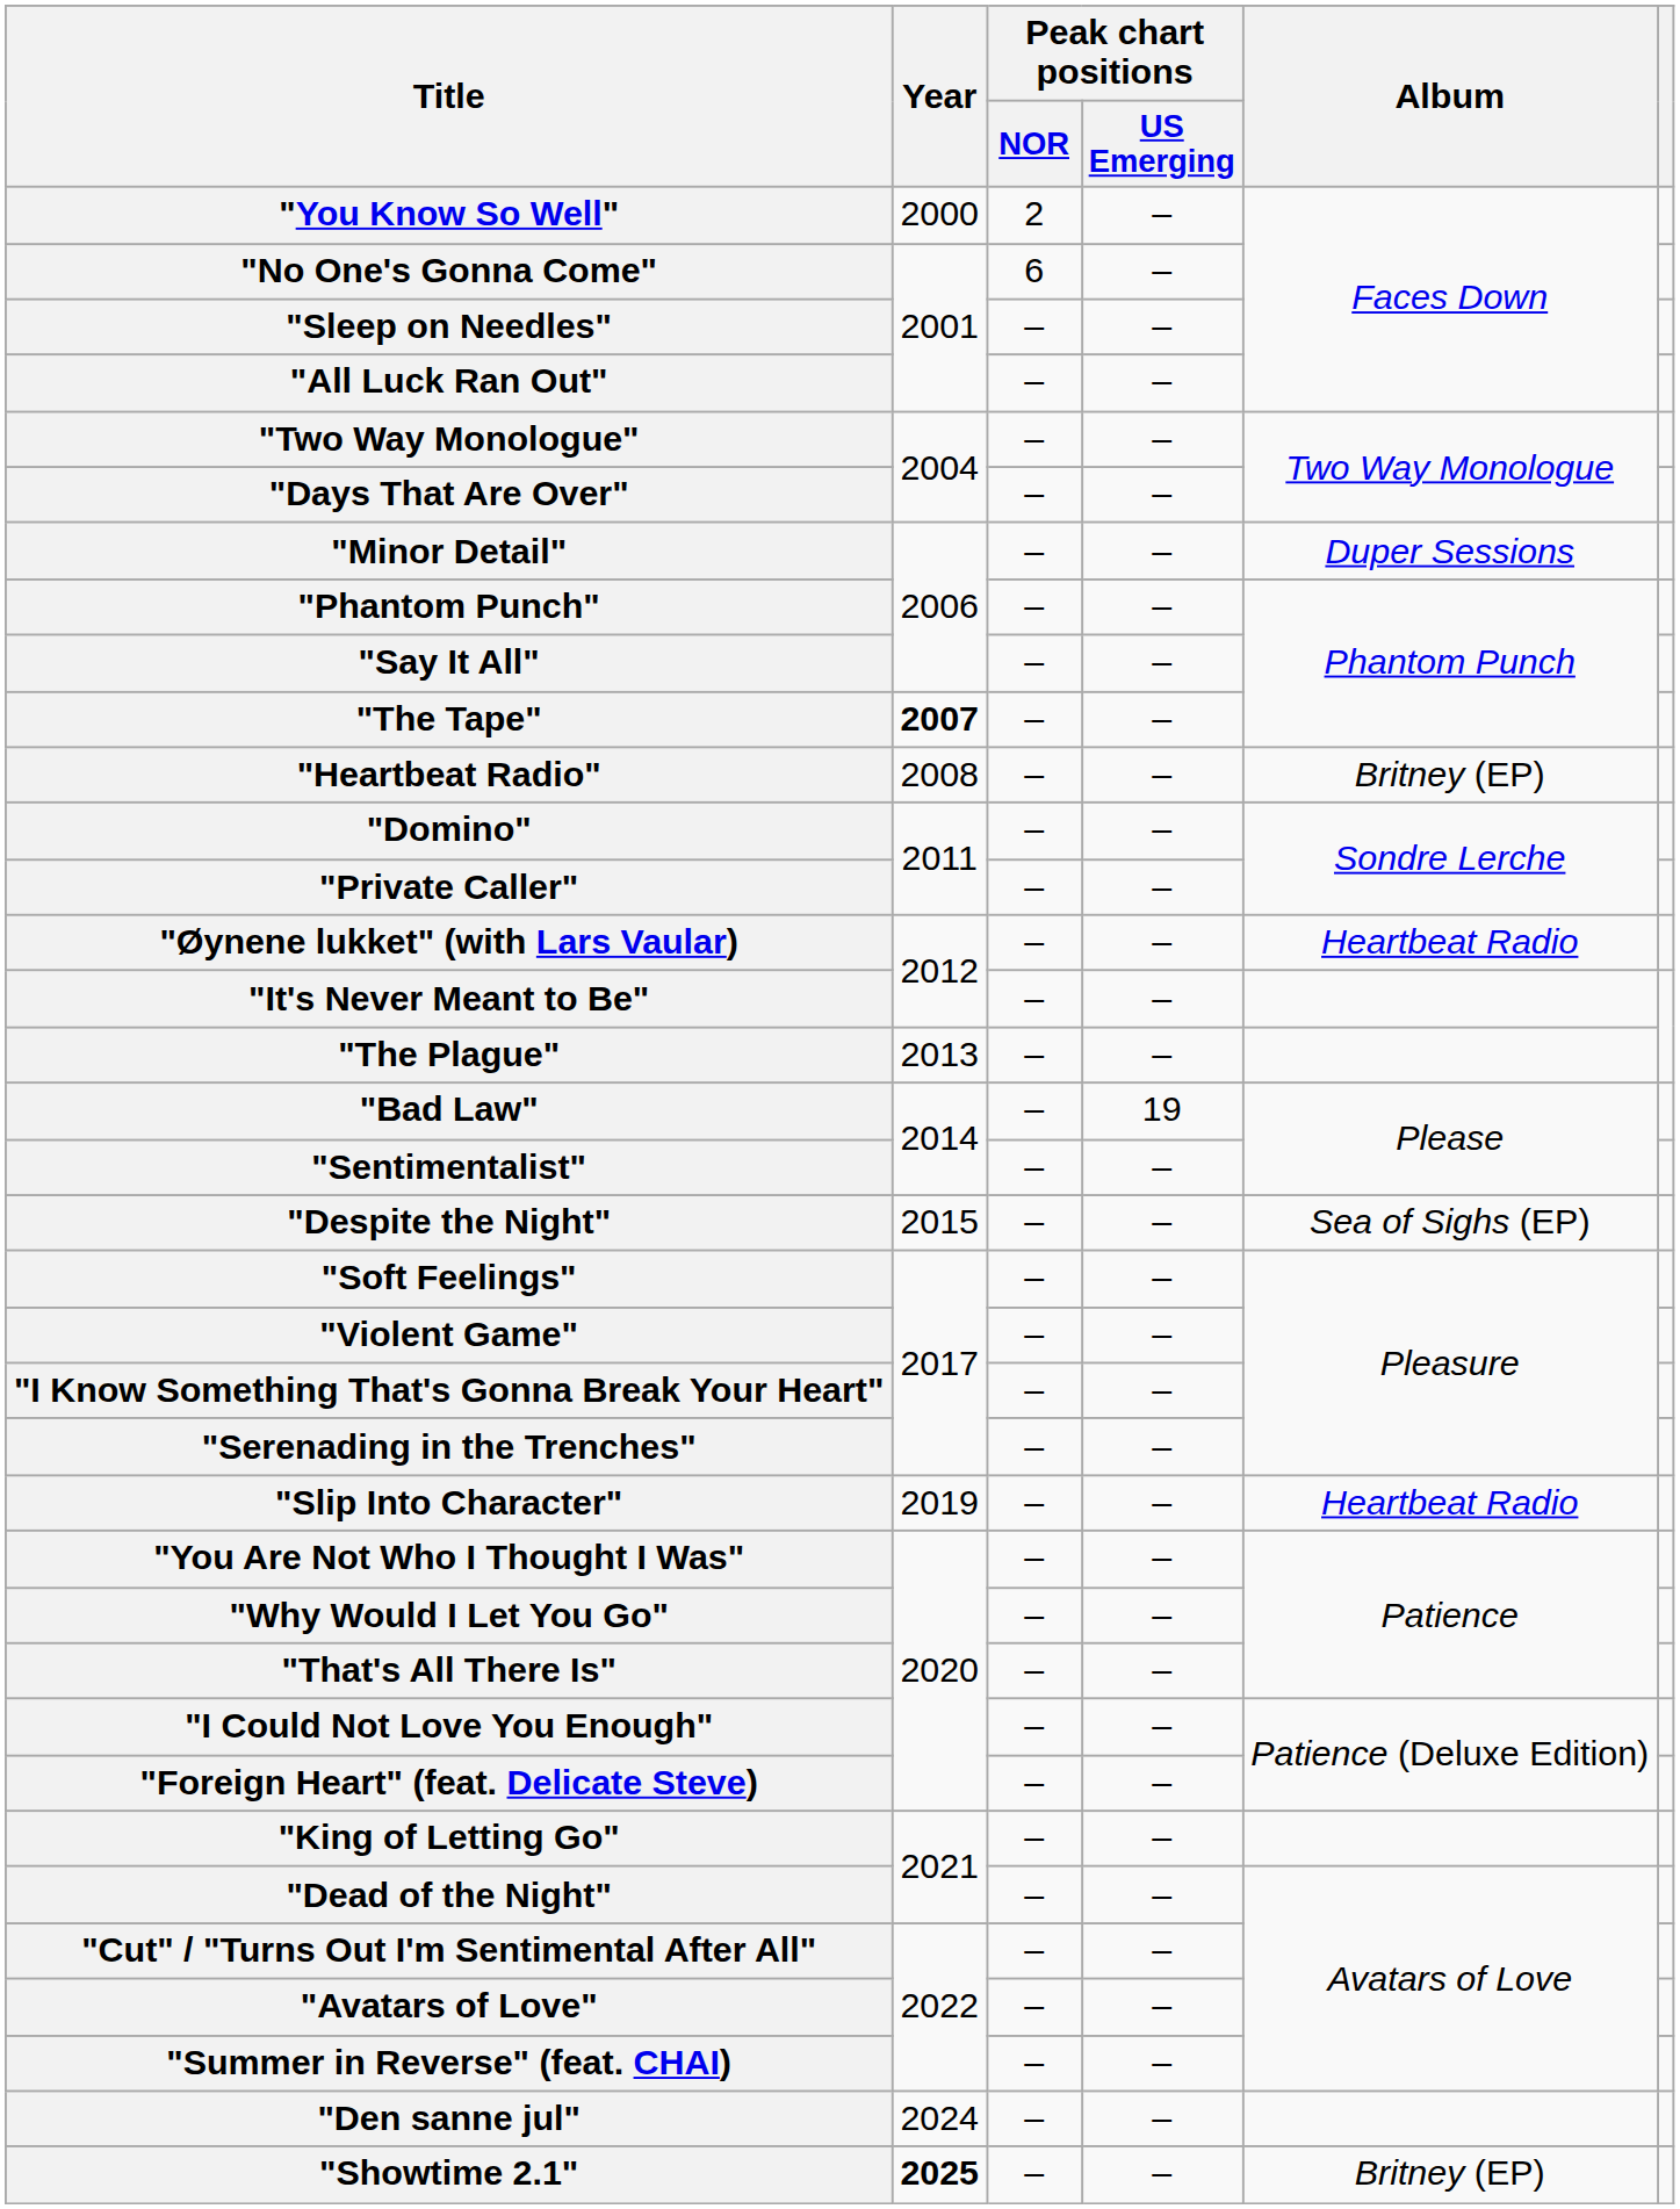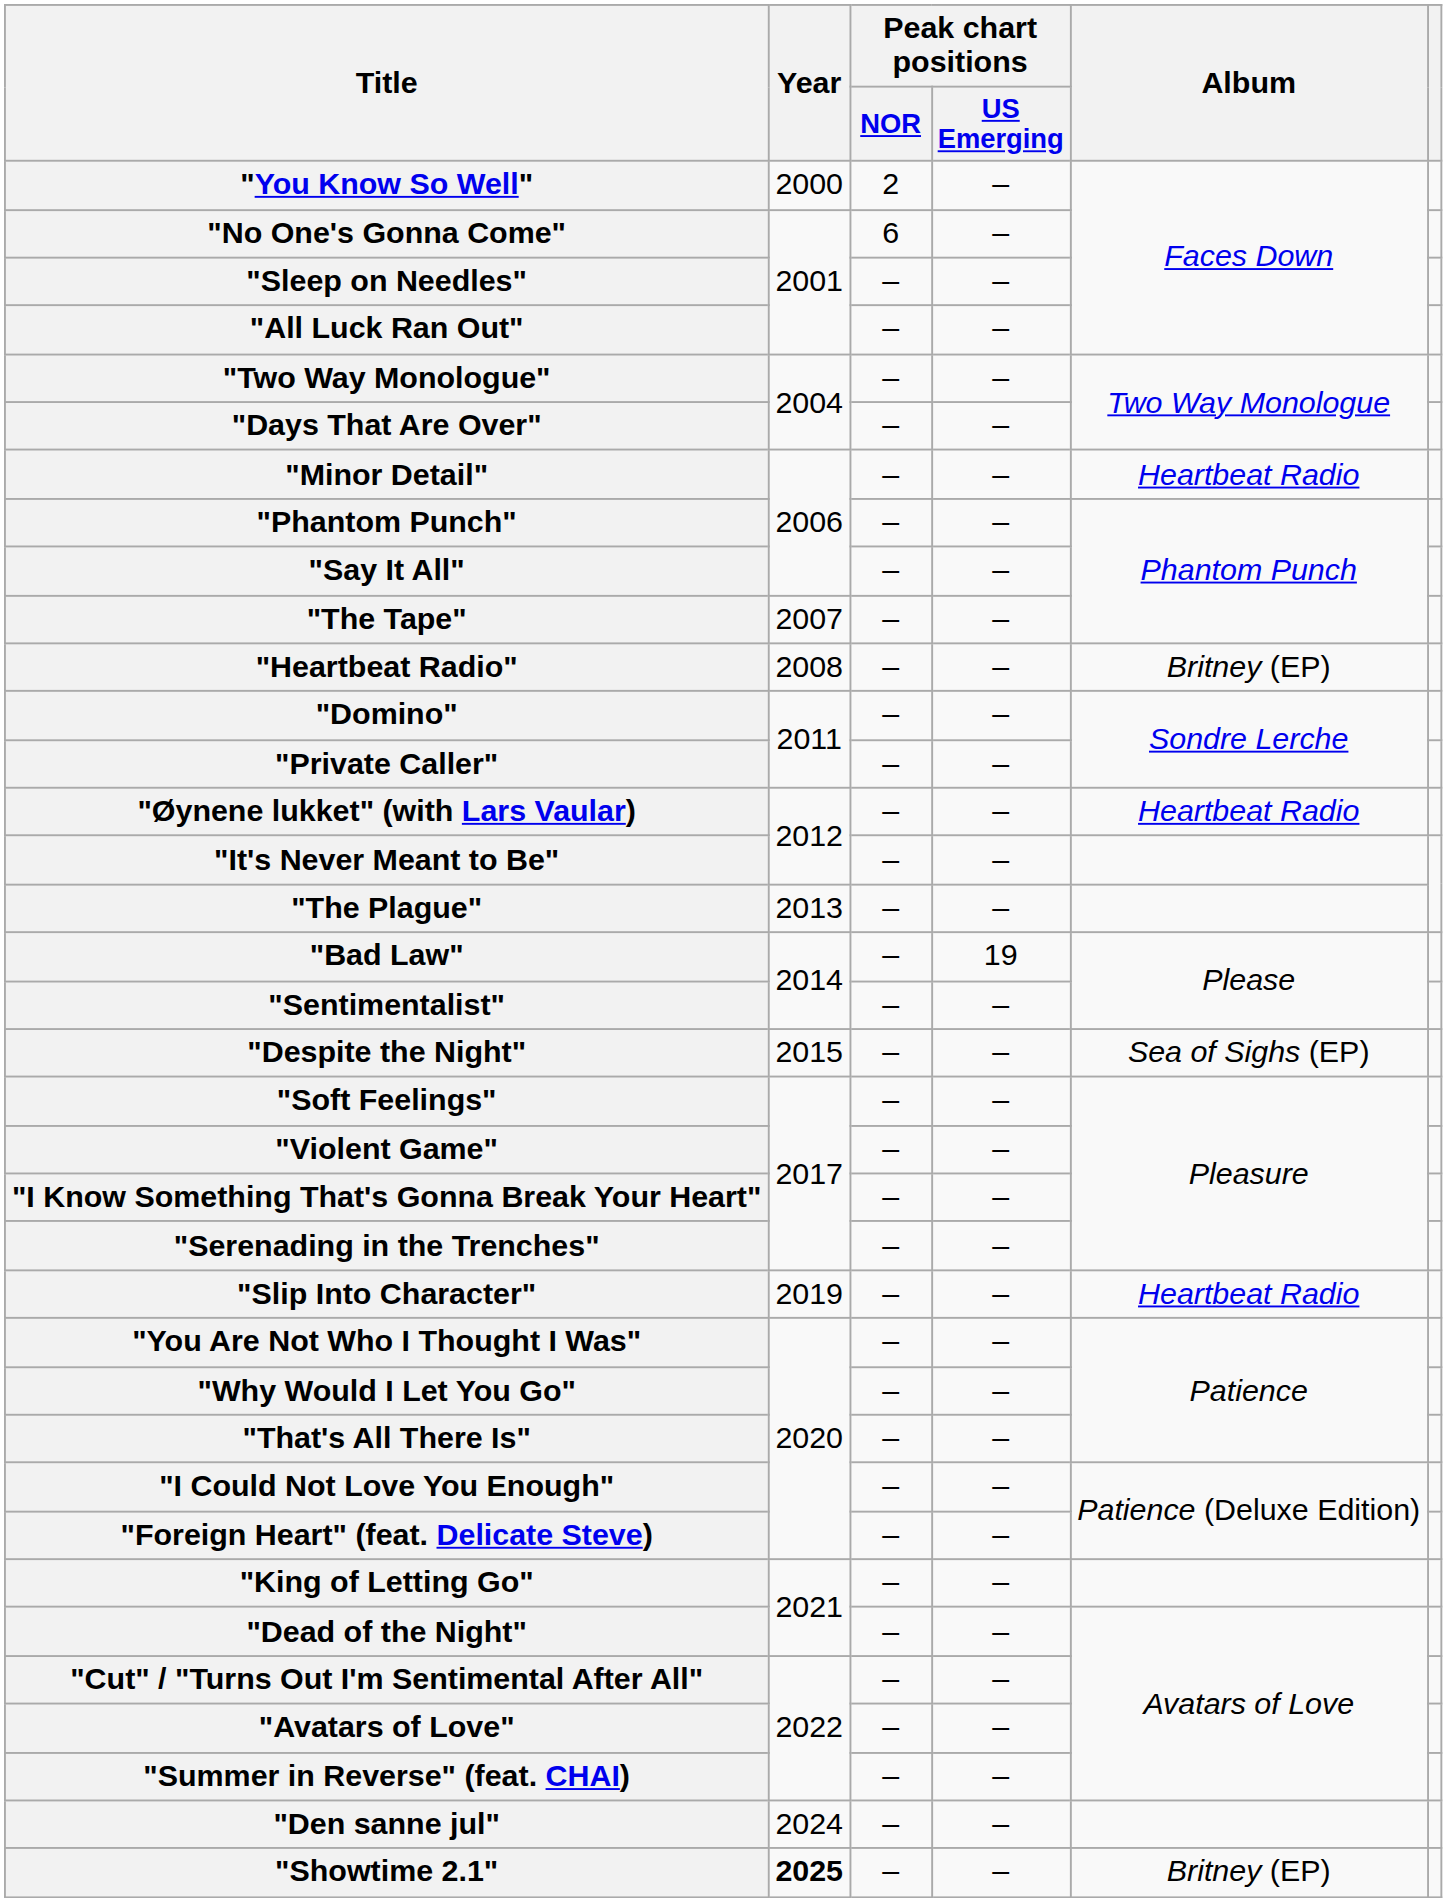 <table class="wikitable plainrowheaders" style="text-align:center;">
 <tr>
 <th scope="col" rowspan="2">Title</th>
 <th scope="col" rowspan="2">Year</th>
 <th scope="col" colspan="2">Peak chart positions</th>
 <th scope="col" rowspan="2">Album</th>
 <th scope="col" rowspan="2"></th>
 </tr>
 <tr>
 <th scope="col" style="width:2.5em; font-size:90%"><a href='#'>NOR</a><br></th>
 <th scope="col" style="width:2.5em; font-size:90%"><a href='#'>US<br>Emerging</a><br></th>
 </tr>
 <tr>
 <th scope="row">"<a href='#'>You Know So Well</a>"</th>
 <td>2000</td>
 <td>2</td>
 <td>–</td>
 <td rowspan="4"><em><a href='#'>Faces Down</a></em></td>
 <td></td>
 </tr>
 <tr>
 <th scope="row">"No One's Gonna Come"</th>
 <td rowspan="3">2001</td>
 <td>6</td>
 <td>–</td>
 <td></td>
 </tr>
 <tr>
 <th scope="row">"Sleep on Needles"</th>
 <td>–</td>
 <td>–</td>
 <td></td>
 </tr>
 <tr>
 <th scope="row">"All Luck Ran Out"</th>
 <td>–</td>
 <td>–</td>
 <td></td>
 </tr>
 <tr>
 <th scope="row">"Two Way Monologue"</th>
 <td rowspan="2">2004</td>
 <td>–</td>
 <td>–</td>
 <td rowspan="2"><em><a href='#'>Two Way Monologue</a></em></td>
 <td></td>
 </tr>
 <tr>
 <th scope="row">"Days That Are Over"</th>
 <td>–</td>
 <td>–</td>
 <td></td>
 </tr>
 <tr>
 <th scope="row">"Minor Detail"</th>
 <td rowspan="3">2006</td>
 <td>–</td>
 <td>–</td>
-<td><em><a href='#'>Duper Sessions</a></em></td>
+<td><em><a href='#'>Heartbeat Radio</a></em></td>
 <td></td>
 </tr>
 <tr>
 <th scope="row">"Phantom Punch"</th>
 <td>–</td>
 <td>–</td>
 <td rowspan="3"><em><a href='#'>Phantom Punch</a></em></td>
 <td></td>
 </tr>
 <tr>
 <th scope="row">"Say It All"</th>
 <td>–</td>
 <td>–</td>
 <td></td>
 </tr>
 <tr>
 <th scope="row">"The Tape"</th>
-<td><strong>2007</strong></td>
+<td>2007</td>
 <td>–</td>
 <td>–</td>
 <td></td>
 </tr>
 <tr>
 <th scope="row">"Heartbeat Radio"</th>
 <td>2008</td>
 <td>–</td>
 <td>–</td>
 <td><em>Britney</em> (EP)</td>
 <td></td>
 </tr>
 <tr>
 <th scope="row">"Domino"</th>
 <td rowspan="2">2011</td>
 <td>–</td>
 <td>–</td>
 <td rowspan="2"><em><a href='#'>Sondre Lerche</a></em></td>
 <td></td>
 </tr>
 <tr>
 <th scope="row">"Private Caller"</th>
 <td>–</td>
 <td>–</td>
 <td></td>
 </tr>
 <tr>
 <th scope="row">"Øynene lukket" (with <a href='#'>Lars Vaular</a>)</th>
 <td rowspan="2">2012</td>
 <td>–</td>
 <td>–</td>
 <td><em><a href='#'>Heartbeat Radio</a></em></td>
 <td></td>
 </tr>
 <tr>
 <th scope="row">"It's Never Meant to Be"</th>
 <td>–</td>
 <td>–</td>
 <td></td>
 </tr>
 <tr>
 <th scope="row">"The Plague"</th>
 <td>2013</td>
 <td>–</td>
 <td>–</td>
 <td></td>
 </tr>
 <tr>
 <th scope="row">"Bad Law"</th>
 <td rowspan="2">2014</td>
 <td>–</td>
 <td>19</td>
 <td rowspan="2"><em>Please</em></td>
 <td></td>
 </tr>
 <tr>
 <th scope="row">"Sentimentalist"</th>
 <td>–</td>
 <td>–</td>
 <td></td>
 </tr>
 <tr>
 <th scope="row">"Despite the Night"</th>
 <td>2015</td>
 <td>–</td>
 <td>–</td>
 <td><em>Sea of Sighs</em> (EP)</td>
 <td></td>
 </tr>
 <tr>
 <th scope="row">"Soft Feelings"</th>
 <td rowspan="4">2017</td>
 <td>–</td>
 <td>–</td>
 <td rowspan="4"><em>Pleasure</em></td>
 <td></td>
 </tr>
 <tr>
 <th scope="row">"Violent Game"</th>
 <td>–</td>
 <td>–</td>
 <td></td>
 </tr>
 <tr>
 <th scope="row">"I Know Something That's Gonna Break Your Heart"</th>
 <td>–</td>
 <td>–</td>
 <td></td>
 </tr>
 <tr>
 <th scope="row">"Serenading in the Trenches"</th>
 <td>–</td>
 <td>–</td>
 <td></td>
 </tr>
 <tr>
 <th scope="row">"Slip Into Character"</th>
 <td>2019</td>
 <td>–</td>
 <td>–</td>
 <td><em><a href='#'>Heartbeat Radio</a></em></td>
 <td></td>
 </tr>
 <tr>
 <th scope="row">"You Are Not Who I Thought I Was"</th>
 <td rowspan="5">2020</td>
 <td>–</td>
 <td>–</td>
 <td rowspan="3"><em>Patience</em></td>
 <td></td>
 </tr>
 <tr>
 <th scope="row">"Why Would I Let You Go"</th>
 <td>–</td>
 <td>–</td>
 <td></td>
 </tr>
 <tr>
 <th scope="row">"That's All There Is"</th>
 <td>–</td>
 <td>–</td>
 <td></td>
 </tr>
 <tr>
 <th scope="row">"I Could Not Love You Enough"</th>
 <td>–</td>
 <td>–</td>
 <td rowspan="2"><em>Patience</em> (Deluxe Edition)</td>
 <td></td>
 </tr>
 <tr>
 <th scope="row">"Foreign Heart" (feat. <a href='#'>Delicate Steve</a>)</th>
 <td>–</td>
 <td>–</td>
 <td></td>
 </tr>
 <tr>
 <th scope="row">"King of Letting Go"</th>
 <td rowspan="2">2021</td>
 <td>–</td>
 <td>–</td>
 <td></td>
 <td></td>
 </tr>
 <tr>
 <th scope="row">"Dead of the Night"</th>
 <td>–</td>
 <td>–</td>
 <td rowspan="4"><em>Avatars of Love</em></td>
 <td></td>
 </tr>
 <tr>
 <th scope="row">"Cut" / "Turns Out I'm Sentimental After All"</th>
 <td rowspan="3">2022</td>
 <td>–</td>
 <td>–</td>
 <td></td>
 </tr>
 <tr>
 <th scope="row">"Avatars of Love"</th>
 <td>–</td>
 <td>–</td>
 <td></td>
 </tr>
 <tr>
 <th scope="row">"Summer in Reverse" (feat. <a href='#'>CHAI</a>)</th>
 <td>–</td>
 <td>–</td>
 <td></td>
 </tr>
 <tr>
 <th scope="row">"Den sanne jul"</th>
 <td>2024</td>
 <td>–</td>
 <td>–</td>
 <td></td>
 <td></td>
 </tr>
 <tr>
 <th scope="row">"Showtime 2.1"</th>
 <td><strong>2025</strong></td>
 <td>–</td>
 <td>–</td>
 <td><em>Britney</em> (EP)</td>
 <td></td>
 </tr>
 </table>
